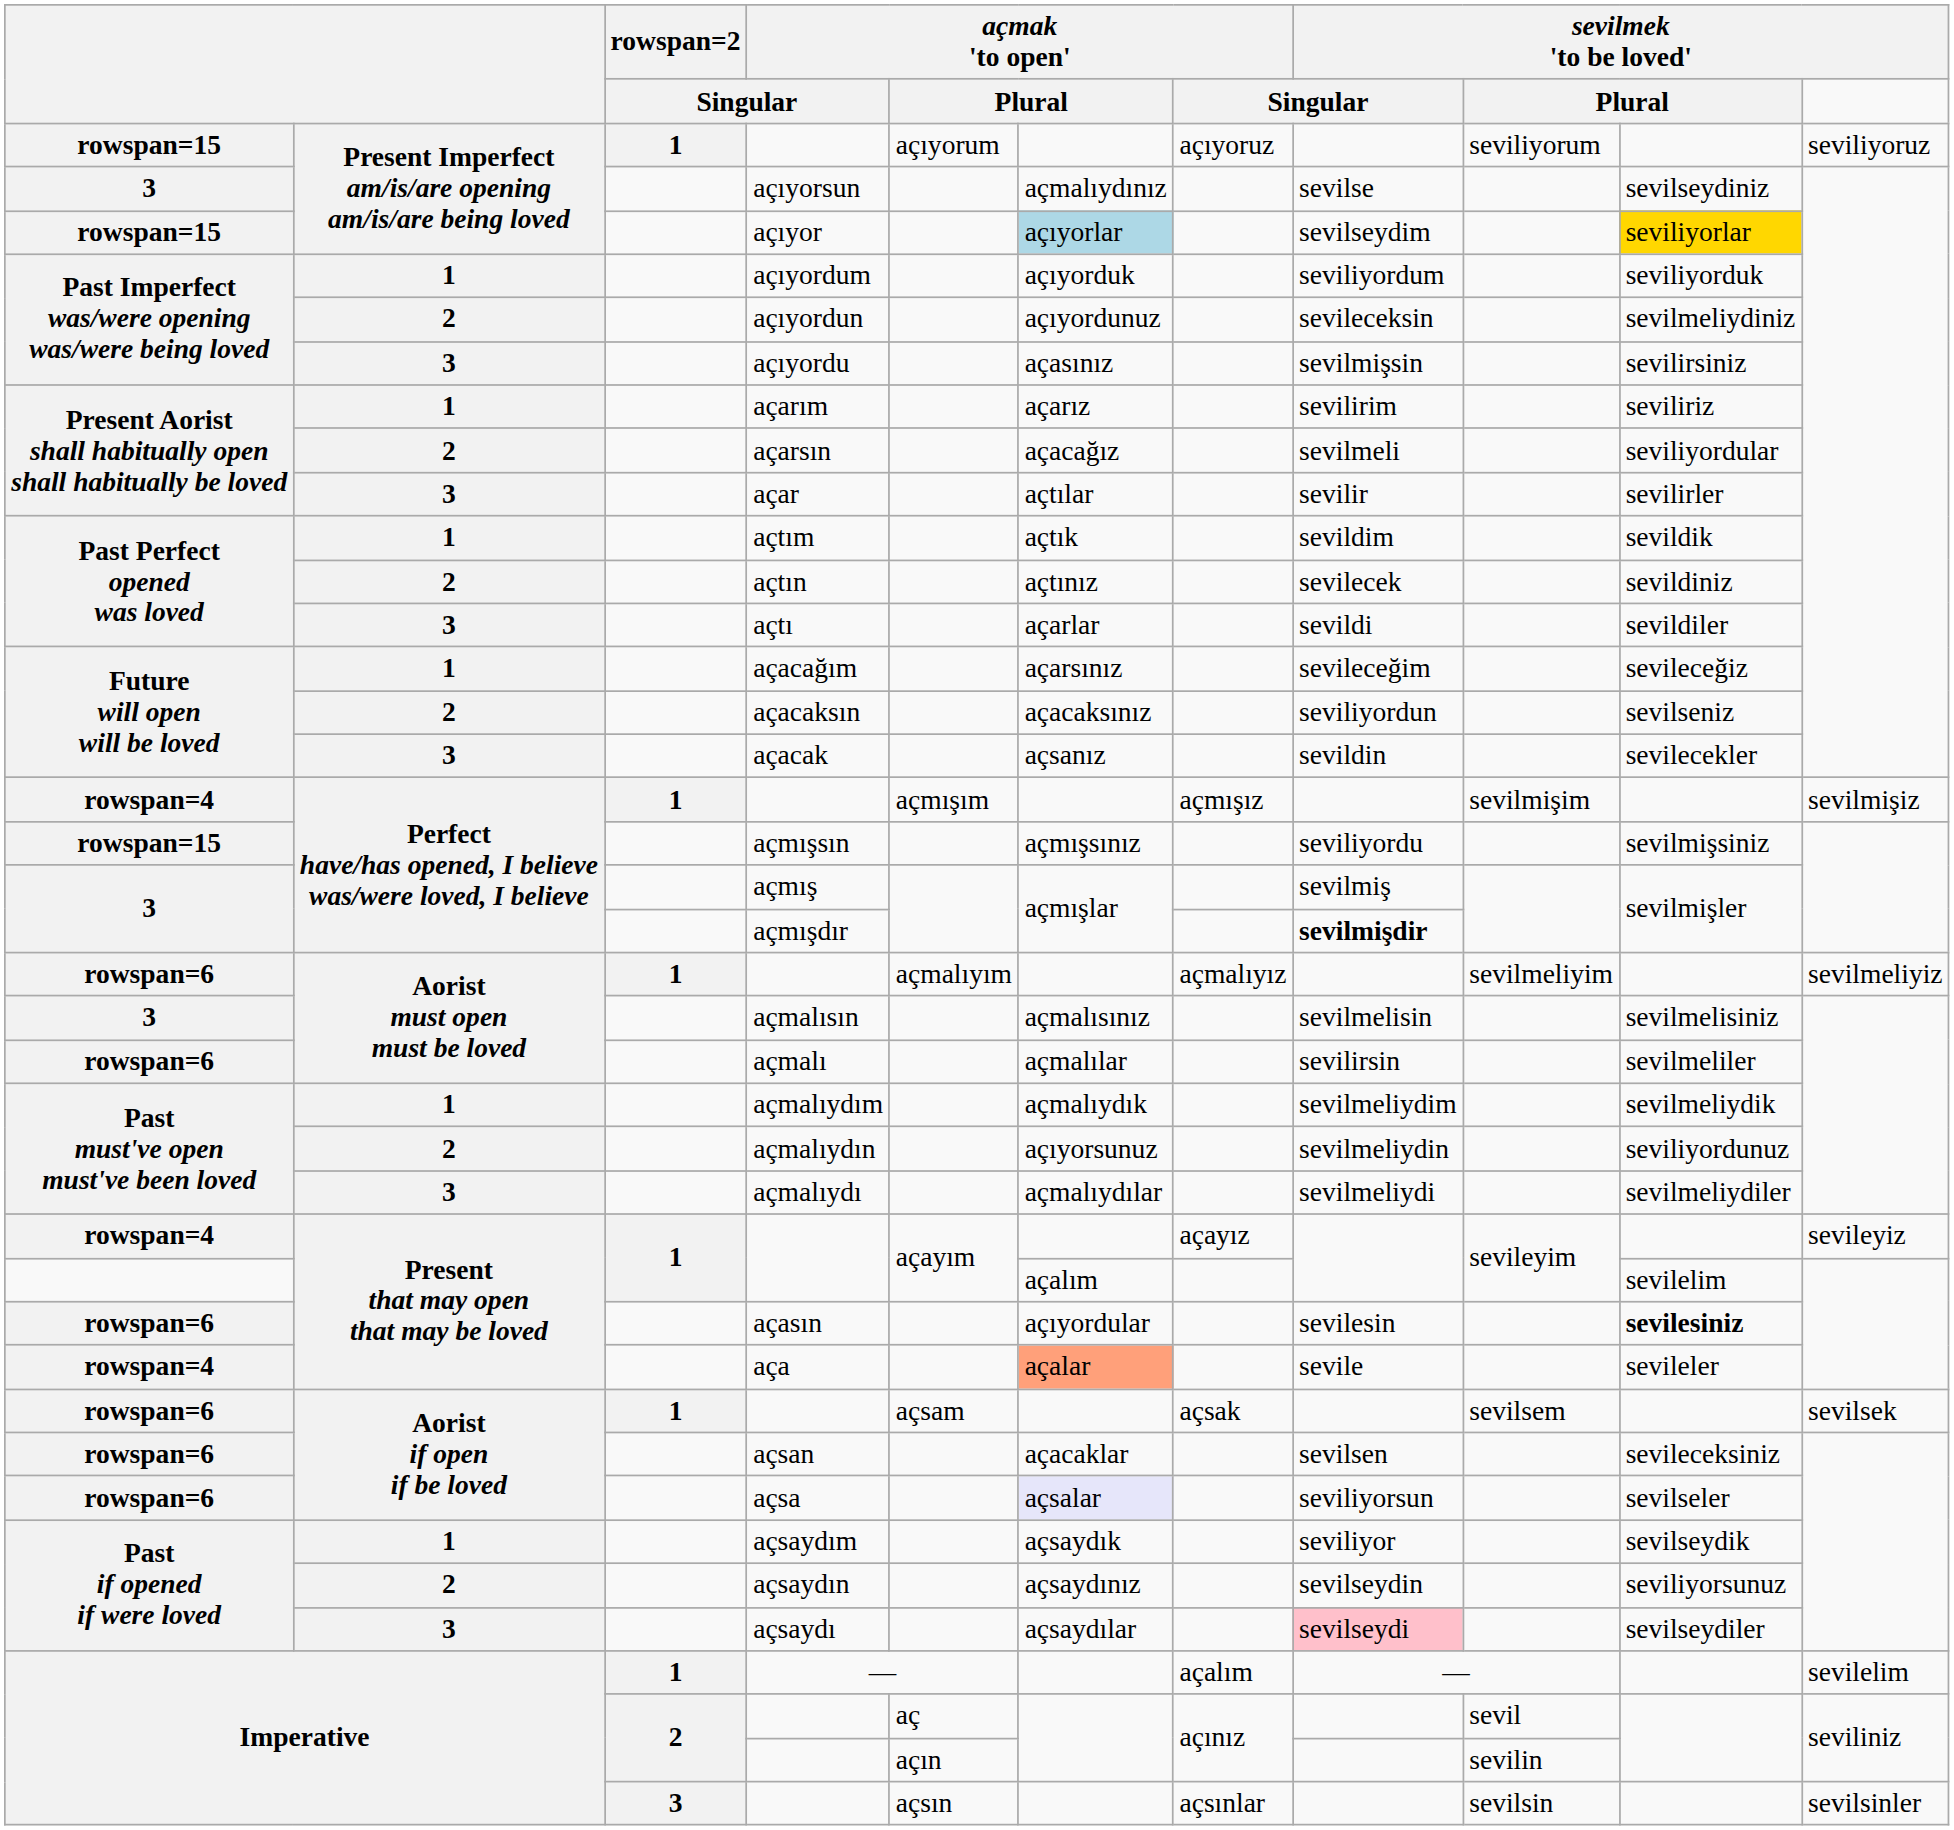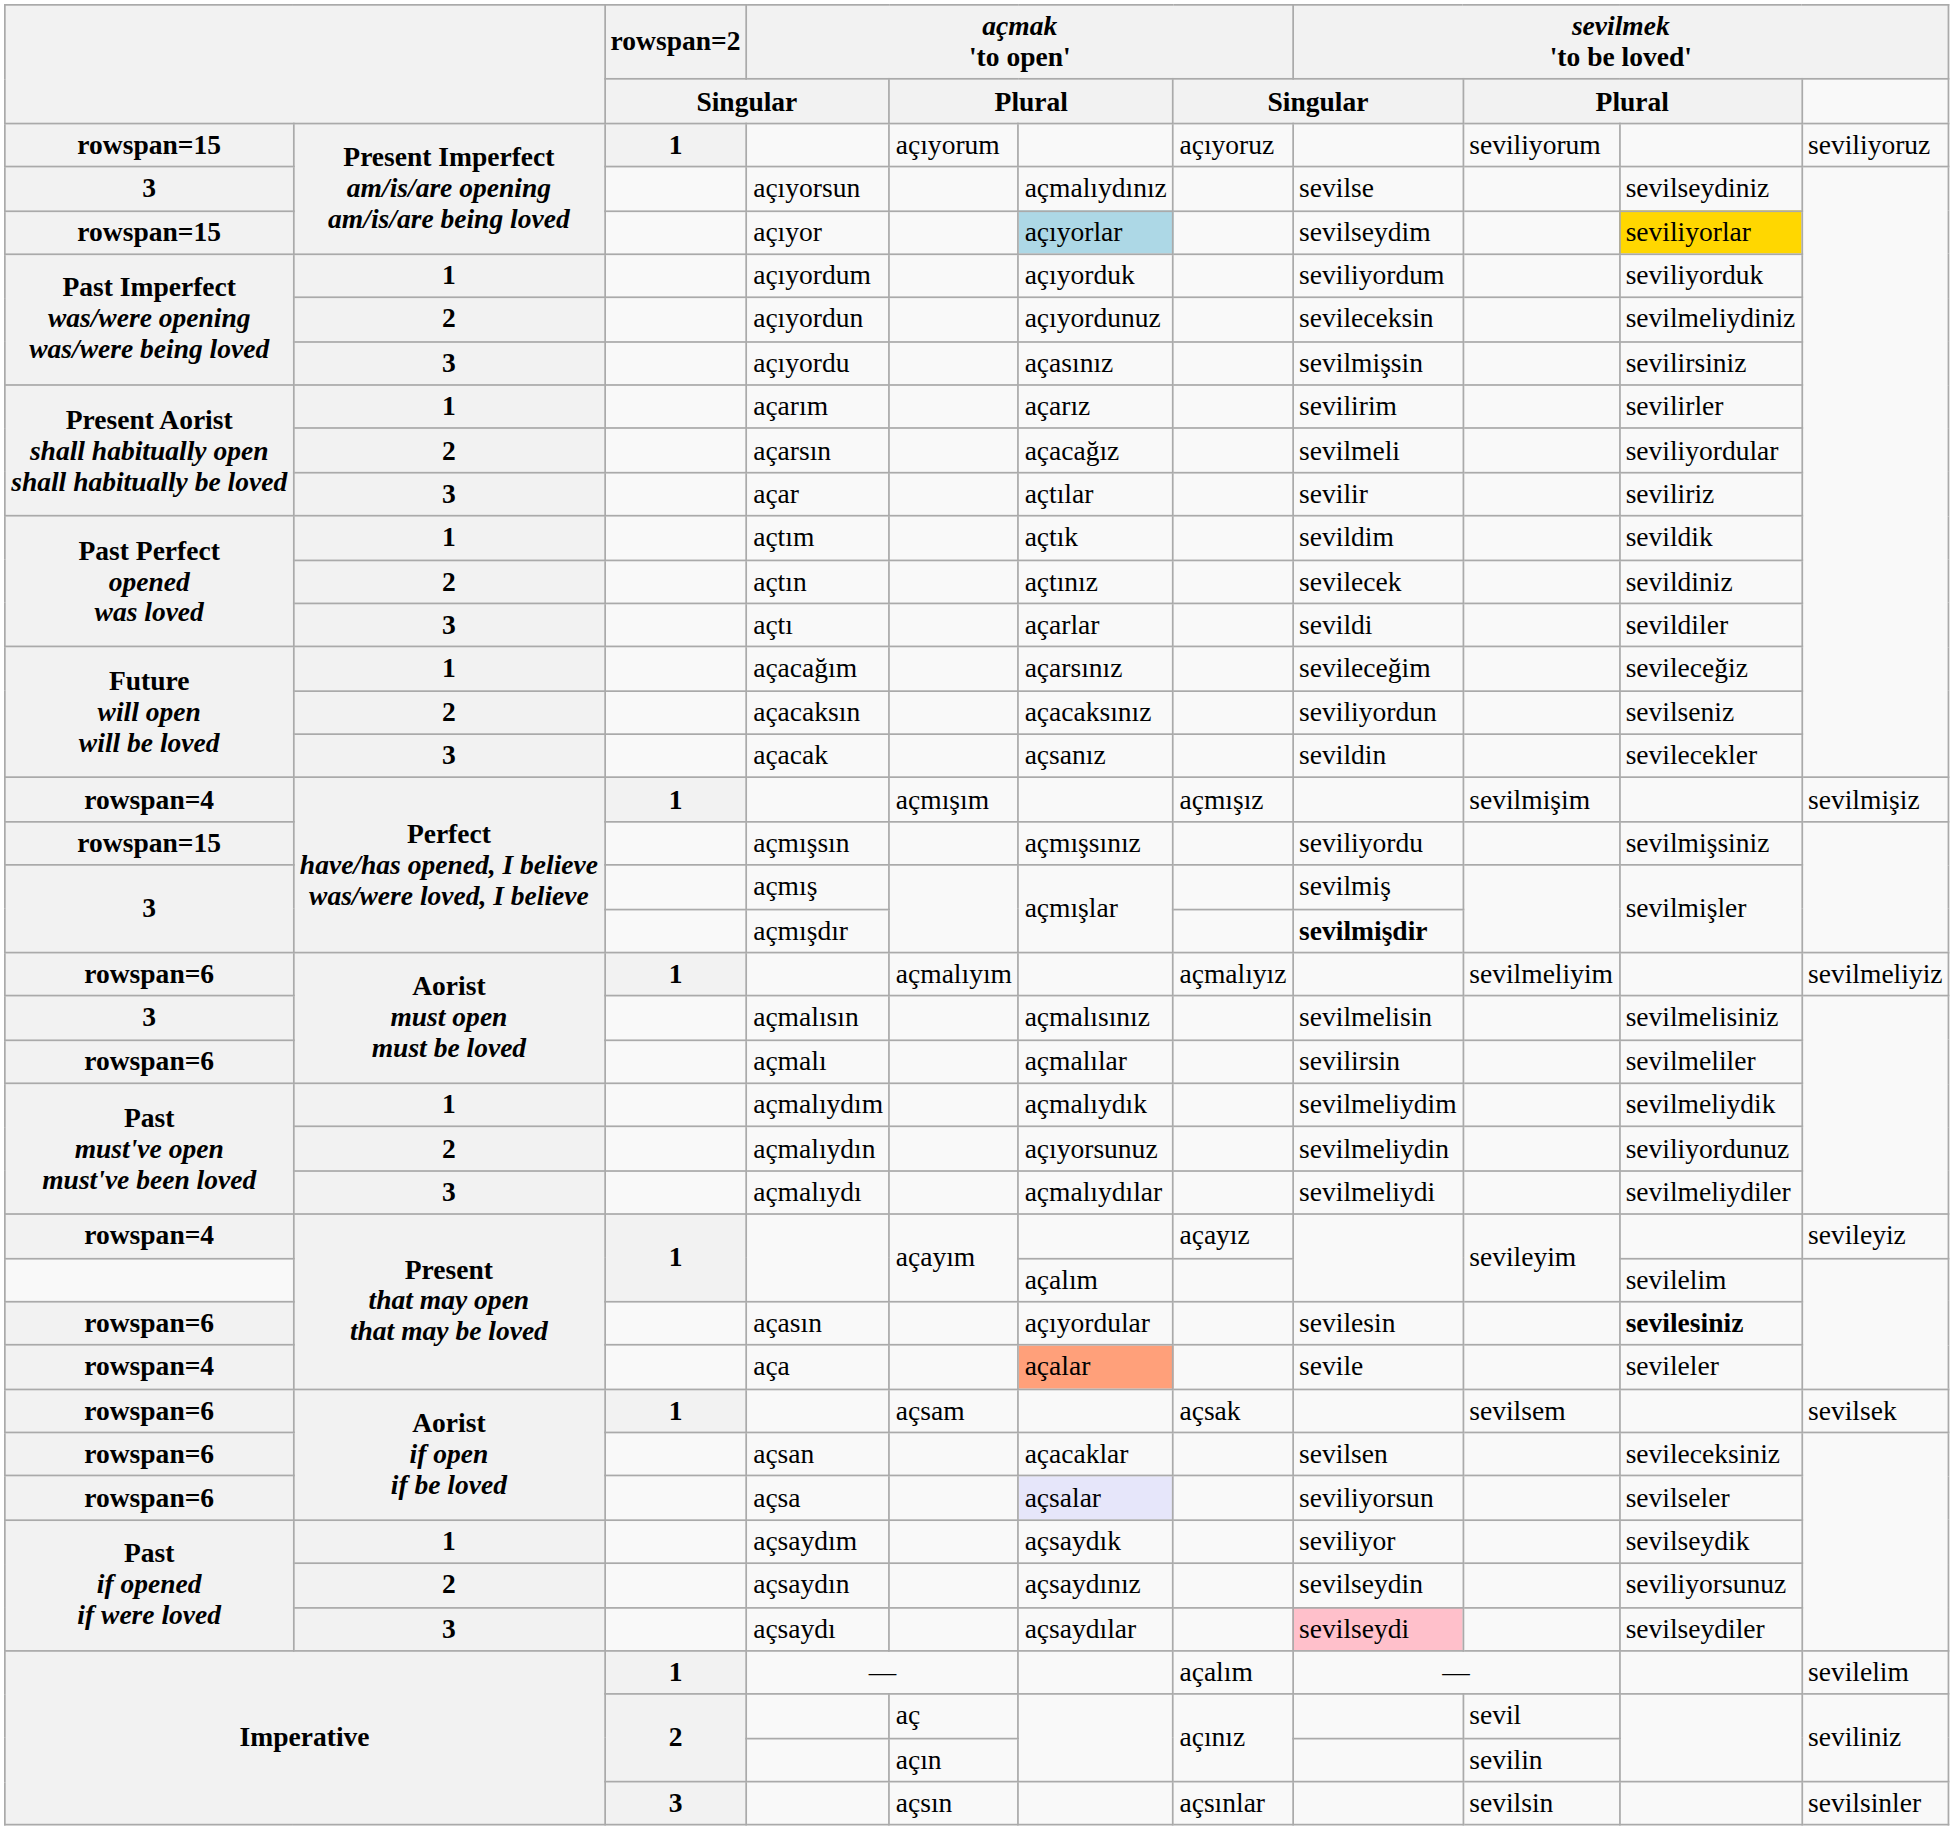 <table class="wikitable">
 <tr>
 <th rowspan=2 colspan=2></th>
 <th>rowspan=2 </th>
 <th colspan=4> <em>açmak</em><br>'to open'</th>
 <th colspan=4> <em>sevilmek</em><br>'to be loved'</th>
 </tr>
 <tr>
 <th colspan=2>Singular</th>
 <th colspan=2>Plural</th>
 <th colspan=2>Singular</th>
 <th colspan=2>Plural</th>
 </tr>
 <tr>
 <th>rowspan=15 </th>
 <th rowspan=3>Present Imperfect<br><em>am/is/are opening</em><br><em>am/is/are being loved</em></th>
 <th>1</th>
 <td></td>
 <td>açıyorum</td>
 <td></td>
 <td>açıyoruz</td>
 <td></td>
 <td>seviliyorum</td>
 <td></td>
 <td>seviliyoruz</td>
 </tr>
 <tr>
 <th>3</th>
 <td></td>
 <td>açıyorsun</td>
 <td></td>
 <td>açmalıydınız</td>
 <td></td>
 <td>sevilse</td>
 <td></td>
 <td>sevilseydiniz</td>
 </tr>
 <tr>
 <th>rowspan=15 </th>
 <td></td>
 <td>açıyor</td>
 <td></td>
 <td style="background: lightblue;">açıyorlar</td>
 <td></td>
 <td>sevilseydim</td>
 <td></td>
 <td style="background: gold;">seviliyorlar</td>
 </tr>
 <tr>
 <th rowspan=3>Past Imperfect<br><em>was/were opening</em><br><em>was/were being loved</em></th>
 <th>1</th>
 <td></td>
 <td>açıyordum</td>
 <td></td>
 <td>açıyorduk</td>
 <td></td>
 <td>seviliyordum</td>
 <td></td>
 <td>seviliyorduk</td>
 </tr>
 <tr>
 <th>2</th>
 <td></td>
 <td>açıyordun</td>
 <td></td>
 <td>açıyordunuz</td>
 <td></td>
 <td>sevileceksin</td>
 <td></td>
 <td>sevilmeliydiniz</td>
 </tr>
 <tr>
 <th>3</th>
 <td></td>
 <td>açıyordu</td>
 <td></td>
 <td>açasınız</td>
 <td></td>
 <td>sevilmişsin</td>
 <td></td>
 <td>sevilirsiniz</td>
 </tr>
 <tr>
 <th rowspan=3>Present Aorist<br><em>shall habitually open</em><br><em>shall habitually be loved</em></th>
 <th>1</th>
 <td></td>
 <td>açarım</td>
 <td></td>
 <td>açarız</td>
 <td></td>
 <td>sevilirim</td>
 <td></td>
-<td>seviliriz</td>
+<td>sevilirler</td>
 </tr>
 <tr>
 <th>2</th>
 <td></td>
 <td>açarsın</td>
 <td></td>
 <td>açacağız</td>
 <td></td>
 <td>sevilmeli</td>
 <td></td>
 <td>seviliyordular</td>
 </tr>
 <tr>
 <th>3</th>
 <td></td>
 <td>açar</td>
 <td></td>
 <td>açtılar</td>
 <td></td>
 <td>sevilir</td>
 <td></td>
-<td>sevilirler</td>
+<td>seviliriz</td>
 </tr>
 <tr>
 <th rowspan=3>Past Perfect<br><em>opened</em><br><em>was loved</em></th>
 <th>1</th>
 <td></td>
 <td>açtım</td>
 <td></td>
 <td>açtık</td>
 <td></td>
 <td>sevildim</td>
 <td></td>
 <td>sevildik</td>
 </tr>
 <tr>
 <th>2</th>
 <td></td>
 <td>açtın</td>
 <td></td>
 <td>açtınız</td>
 <td></td>
 <td>sevilecek</td>
 <td></td>
 <td>sevildiniz</td>
 </tr>
 <tr>
 <th>3</th>
 <td></td>
 <td>açtı</td>
 <td></td>
 <td>açarlar</td>
 <td></td>
 <td>sevildi</td>
 <td></td>
 <td>sevildiler</td>
 </tr>
 <tr>
 <th rowspan=3>Future<br><em>will open</em><br><em>will be loved</em></th>
 <th>1</th>
 <td></td>
 <td>açacağım</td>
 <td></td>
 <td>açarsınız</td>
 <td></td>
 <td>sevileceğim</td>
 <td></td>
 <td>sevileceğiz</td>
 </tr>
 <tr>
 <th>2</th>
 <td></td>
 <td>açacaksın</td>
 <td></td>
 <td>açacaksınız</td>
 <td></td>
 <td>seviliyordun</td>
 <td></td>
 <td>sevilseniz</td>
 </tr>
 <tr>
 <th>3</th>
 <td></td>
 <td>açacak</td>
 <td></td>
 <td>açsanız</td>
 <td></td>
 <td>sevildin</td>
 <td></td>
 <td>sevilecekler</td>
 </tr>
 <tr>
 <th>rowspan=4 </th>
 <th rowspan=4>Perfect<br><em>have/has opened, I believe</em><br><em>was/were loved, I believe</em></th>
 <th>1</th>
 <td></td>
 <td>açmışım</td>
 <td></td>
 <td>açmışız</td>
 <td></td>
 <td>sevilmişim</td>
 <td></td>
 <td>sevilmişiz</td>
 </tr>
 <tr>
 <th>rowspan=15 </th>
 <td></td>
 <td>açmışsın</td>
 <td></td>
 <td>açmışsınız</td>
 <td></td>
 <td>seviliyordu</td>
 <td></td>
 <td>sevilmişsiniz</td>
 </tr>
 <tr>
 <th rowspan=2>3</th>
 <td></td>
 <td>açmış</td>
 <td rowspan=2></td>
 <td rowspan=2>açmışlar</td>
 <td></td>
 <td>sevilmiş</td>
 <td rowspan=2></td>
 <td rowspan=2>sevilmişler</td>
 </tr>
 <tr>
 <td></td>
 <td>açmışdır</td>
 <td></td>
 <td><strong>sevilmişdir</strong></td>
 </tr>
 <tr>
 <th>rowspan=6 </th>
 <th rowspan=3>Aorist<br><em>must open</em><br><em>must be loved</em></th>
 <th>1</th>
 <td></td>
 <td>açmalıyım</td>
 <td></td>
 <td>açmalıyız</td>
 <td></td>
 <td>sevilmeliyim</td>
 <td></td>
 <td>sevilmeliyiz</td>
 </tr>
 <tr>
 <th>3</th>
 <td></td>
 <td>açmalısın</td>
 <td></td>
 <td>açmalısınız</td>
 <td></td>
 <td>sevilmelisin</td>
 <td></td>
 <td>sevilmelisiniz</td>
 </tr>
 <tr>
 <th>rowspan=6 </th>
 <td></td>
 <td>açmalı</td>
 <td></td>
 <td>açmalılar</td>
 <td></td>
 <td>sevilirsin</td>
 <td></td>
 <td>sevilmeliler</td>
 </tr>
 <tr>
 <th rowspan=3>Past<br><em>must've open</em><br><em>must've been loved</em></th>
 <th>1</th>
 <td></td>
 <td>açmalıydım</td>
 <td></td>
 <td>açmalıydık</td>
 <td></td>
 <td>sevilmeliydim</td>
 <td></td>
 <td>sevilmeliydik</td>
 </tr>
 <tr>
 <th>2</th>
 <td></td>
 <td>açmalıydın</td>
 <td></td>
 <td>açıyorsunuz</td>
 <td></td>
 <td>sevilmeliydin</td>
 <td></td>
 <td>seviliyordunuz</td>
 </tr>
 <tr>
 <th>3</th>
 <td></td>
 <td>açmalıydı</td>
 <td></td>
 <td>açmalıydılar</td>
 <td></td>
 <td>sevilmeliydi</td>
 <td></td>
 <td>sevilmeliydiler</td>
 </tr>
 <tr>
 <th>rowspan=4 </th>
 <th rowspan=4>Present<br><em>that may open</em><br><em>that may be loved</em></th>
 <th rowspan=2>1</th>
 <td rowspan=2></td>
 <td rowspan=2>açayım</td>
 <td></td>
 <td>açayız</td>
 <td rowspan=2></td>
 <td rowspan=2>sevileyim</td>
 <td></td>
 <td>sevileyiz</td>
 </tr>
 <tr>
 <td></td>
 <td>açalım</td>
 <td></td>
 <td>sevilelim</td>
 </tr>
 <tr>
 <th>rowspan=6 </th>
 <td></td>
 <td>açasın</td>
 <td></td>
 <td>açıyordular</td>
 <td></td>
 <td>sevilesin</td>
 <td></td>
 <td><strong>sevilesiniz</strong></td>
 </tr>
 <tr>
 <th>rowspan=4 </th>
 <td></td>
 <td>aça</td>
 <td></td>
 <td style="background: lightsalmon;">açalar</td>
 <td></td>
 <td>sevile</td>
 <td></td>
 <td>sevileler</td>
 </tr>
 <tr>
 <th>rowspan=6 </th>
 <th rowspan=3>Aorist<br><em>if open</em><br><em>if be loved</em></th>
 <th>1</th>
 <td></td>
 <td>açsam</td>
 <td></td>
 <td>açsak</td>
 <td></td>
 <td>sevilsem</td>
 <td></td>
 <td>sevilsek</td>
 </tr>
 <tr>
 <th>rowspan=6 </th>
 <td></td>
 <td>açsan</td>
 <td></td>
 <td>açacaklar</td>
 <td></td>
 <td>sevilsen</td>
 <td></td>
 <td>sevileceksiniz</td>
 </tr>
 <tr>
 <th>rowspan=6 </th>
 <td></td>
 <td>açsa</td>
 <td></td>
 <td style="background: lavender;">açsalar</td>
 <td></td>
 <td>seviliyorsun</td>
 <td></td>
 <td>sevilseler</td>
 </tr>
 <tr>
 <th rowspan=3>Past<br><em>if opened</em><br><em>if were loved</em></th>
 <th>1</th>
 <td></td>
 <td>açsaydım</td>
 <td></td>
 <td>açsaydık</td>
 <td></td>
 <td>seviliyor</td>
 <td></td>
 <td>sevilseydik</td>
 </tr>
 <tr>
 <th>2</th>
 <td></td>
 <td>açsaydın</td>
 <td></td>
 <td>açsaydınız</td>
 <td></td>
 <td>sevilseydin</td>
 <td></td>
 <td>seviliyorsunuz</td>
 </tr>
 <tr>
 <th>3</th>
 <td></td>
 <td>açsaydı</td>
 <td></td>
 <td>açsaydılar</td>
 <td></td>
 <td style="background: pink;">sevilseydi</td>
 <td></td>
 <td>sevilseydiler</td>
 </tr>
 <tr>
 <th rowspan=4 colspan=2>Imperative</th>
 <th>1</th>
 <td colspan=2 align=center>—</td>
 <td></td>
 <td>açalım</td>
 <td colspan=2 align=center>—</td>
 <td></td>
 <td>sevilelim</td>
 </tr>
 <tr>
 <th rowspan=2>2</th>
 <td></td>
 <td>aç</td>
 <td rowspan=2></td>
 <td rowspan=2>açınız</td>
 <td></td>
 <td>sevil</td>
 <td rowspan=2></td>
 <td rowspan=2>seviliniz</td>
 </tr>
 <tr>
 <td></td>
 <td>açın</td>
 <td></td>
 <td>sevilin</td>
 </tr>
 <tr>
 <th>3</th>
 <td></td>
 <td>açsın</td>
 <td></td>
 <td>açsınlar</td>
 <td></td>
 <td>sevilsin</td>
 <td></td>
 <td>sevilsinler</td>
 </tr>
 </table>
